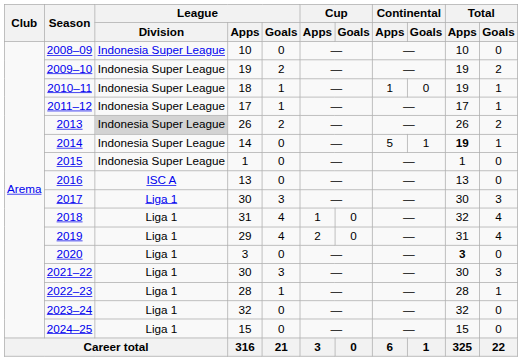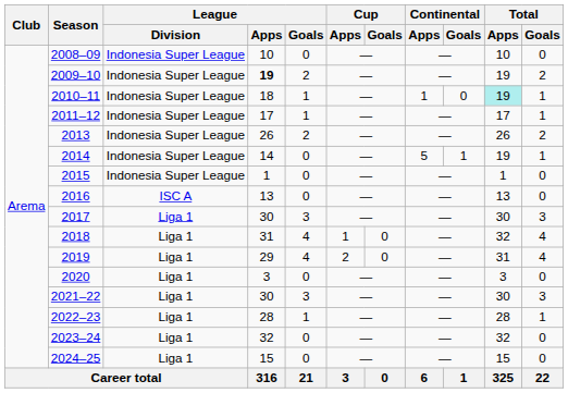 <table class=wikitable style="text-align:center">
 <tr>
 <th rowspan="2">Club</th>
 <th rowspan="2">Season</th>
 <th colspan="3">League</th>
 <th colspan="2">Cup</th>
 <th colspan="2">Continental</th>
 <th colspan="2">Total</th>
 </tr>
 <tr>
 <th>Division</th>
 <th>Apps</th>
 <th>Goals</th>
 <th>Apps</th>
 <th>Goals</th>
 <th>Apps</th>
 <th>Goals</th>
 <th>Apps</th>
 <th>Goals</th>
 </tr>
 <tr>
 <td rowspan="16"><a href='#'>Arema</a></td>
 <td><a href='#'>2008–09</a></td>
 <td><a href='#'>Indonesia Super League</a></td>
 <td>10</td>
 <td>0</td>
 <td colspan=2>—</td>
 <td colspan=2>—</td>
 <td>10</td>
 <td>0</td>
 </tr>
 <tr>
 <td><a href='#'>2009–10</a></td>
 <td>Indonesia Super League</td>
-<td>19</td>
+<td><strong>19</strong></td>
 <td>2</td>
 <td colspan=2>—</td>
 <td colspan=2>—</td>
 <td>19</td>
 <td>2</td>
 </tr>
 <tr>
 <td><a href='#'>2010–11</a></td>
 <td>Indonesia Super League</td>
 <td>18</td>
 <td>1</td>
 <td colspan=2>—</td>
 <td>1</td>
 <td>0</td>
-<td>19</td>
+<td style="background: paleturquoise;">19</td>
 <td>1</td>
 </tr>
 <tr>
 <td><a href='#'>2011–12</a></td>
 <td>Indonesia Super League</td>
 <td>17</td>
 <td>1</td>
 <td colspan=2>—</td>
 <td colspan=2>—</td>
 <td>17</td>
 <td>1</td>
 </tr>
 <tr>
 <td><a href='#'>2013</a></td>
-<td style="background: lightgrey;">Indonesia Super League</td>
+<td>Indonesia Super League</td>
 <td>26</td>
 <td>2</td>
 <td colspan=2>—</td>
 <td colspan=2>—</td>
 <td>26</td>
 <td>2</td>
 </tr>
 <tr>
 <td><a href='#'>2014</a></td>
 <td>Indonesia Super League</td>
 <td>14</td>
 <td>0</td>
 <td colspan=2>—</td>
 <td>5</td>
 <td>1</td>
-<td><strong>19</strong></td>
+<td>19</td>
 <td>1</td>
 </tr>
 <tr>
 <td><a href='#'>2015</a></td>
 <td rowspan="1">Indonesia Super League</td>
 <td>1</td>
 <td>0</td>
 <td colspan=2>—</td>
 <td colspan=2>—</td>
 <td>1</td>
 <td>0</td>
 </tr>
 <tr>
 <td><a href='#'>2016</a></td>
 <td><a href='#'>ISC A</a></td>
 <td>13</td>
 <td>0</td>
 <td colspan=2>—</td>
 <td colspan=2>—</td>
 <td>13</td>
 <td>0</td>
 </tr>
 <tr>
 <td><a href='#'>2017</a></td>
 <td><a href='#'>Liga 1</a></td>
 <td>30</td>
 <td>3</td>
 <td colspan=2>—</td>
 <td colspan=2>—</td>
 <td>30</td>
 <td>3</td>
 </tr>
 <tr>
 <td><a href='#'>2018</a></td>
 <td>Liga 1</td>
 <td>31</td>
 <td>4</td>
 <td>1</td>
 <td>0</td>
 <td colspan=2>—</td>
 <td>32</td>
 <td>4</td>
 </tr>
 <tr>
 <td><a href='#'>2019</a></td>
 <td>Liga 1</td>
 <td>29</td>
 <td>4</td>
 <td>2</td>
 <td>0</td>
 <td colspan=2>—</td>
 <td>31</td>
 <td>4</td>
 </tr>
 <tr>
 <td><a href='#'>2020</a></td>
 <td rowspan="1">Liga 1</td>
 <td>3</td>
 <td>0</td>
 <td colspan=2>—</td>
 <td colspan=2>—</td>
-<td><strong>3</strong></td>
+<td>3</td>
 <td>0</td>
 </tr>
 <tr>
 <td><a href='#'>2021–22</a></td>
 <td rowspan="1">Liga 1</td>
 <td>30</td>
 <td>3</td>
 <td colspan=2>—</td>
 <td colspan=2>—</td>
 <td>30</td>
 <td>3</td>
 </tr>
 <tr>
 <td><a href='#'>2022–23</a></td>
 <td rowspan="1">Liga 1</td>
 <td>28</td>
 <td>1</td>
 <td colspan="2">—</td>
 <td colspan=2>—</td>
 <td>28</td>
 <td>1</td>
 </tr>
 <tr>
 <td><a href='#'>2023–24</a></td>
 <td rowspan="1">Liga 1</td>
 <td>32</td>
 <td>0</td>
 <td colspan="2">—</td>
 <td colspan=2>—</td>
 <td>32</td>
 <td>0</td>
 </tr>
 <tr>
 <td><a href='#'>2024–25</a></td>
 <td rowspan="1">Liga 1</td>
 <td>15</td>
 <td>0</td>
 <td colspan="2">—</td>
 <td colspan=2>—</td>
 <td>15</td>
 <td>0</td>
 </tr>
 <tr>
 <th colspan="3">Career total</th>
 <th>316</th>
 <th>21</th>
 <th>3</th>
 <th>0</th>
 <th>6</th>
 <th>1</th>
 <th>325</th>
 <th>22</th>
 </tr>
 </table>
